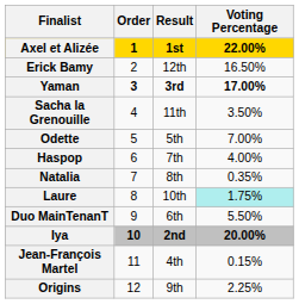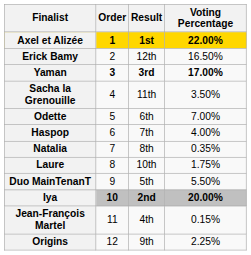 <table class="wikitable sortable plainrowheaders" style="text-align:center; width:30%;">
 <tr>
 <th class="unsortable">Finalist</th>
 <th data-sort-type="number" style="width:1em;">Order</th>
 <th data-sort-type="number">Result</th>
 <th data-sort-type="number">Voting Percentage</th>
 </tr>
 <tr bgcolor=gold>
 <th scope="row"><strong>Axel et Alizée</strong></th>
 <td><strong>1</strong></td>
 <td><strong>1st</strong></td>
 <td><strong>22.00%</strong></td>
 </tr>
 <tr>
 <th scope="row">Erick Bamy</th>
 <td>2</td>
 <td>12th</td>
 <td>16.50%</td>
 </tr>
 <tr -bgcolor=#c96>
 <th scope="row"><strong>Yaman</strong></th>
 <td><strong>3</strong></td>
 <td><strong>3rd</strong></td>
 <td><strong>17.00%</strong></td>
 </tr>
 <tr>
 <th scope="row">Sacha la Grenouille</th>
 <td>4</td>
 <td>11th</td>
 <td>3.50%</td>
 </tr>
 <tr>
 <th scope="row">Odette</th>
 <td>5</td>
-<td>5th</td>
+<td>6th</td>
 <td>7.00%</td>
 </tr>
 <tr>
 <th scope="row">Haspop</th>
 <td>6</td>
 <td>7th</td>
 <td>4.00%</td>
 </tr>
 <tr>
 <th scope="row">Natalia</th>
 <td>7</td>
 <td>8th</td>
 <td>0.35%</td>
 </tr>
 <tr>
 <th scope="row">Laure</th>
 <td>8</td>
 <td>10th</td>
-<td style="background: paleturquoise;">1.75%</td>
+<td>1.75%</td>
 </tr>
 <tr>
 <th scope="row">Duo MainTenanT</th>
 <td>9</td>
-<td>6th</td>
+<td>5th</td>
 <td>5.50%</td>
 </tr>
 <tr bgcolor=silver>
 <th scope="row"><strong>Iya</strong></th>
 <td><strong>10</strong></td>
 <td><strong>2nd</strong></td>
 <td><strong>20.00%</strong></td>
 </tr>
 <tr>
 <th scope="row">Jean-François Martel</th>
 <td>11</td>
 <td>4th</td>
 <td>0.15%</td>
 </tr>
 <tr>
 <th scope="row">Origins</th>
 <td>12</td>
 <td>9th</td>
 <td>2.25%</td>
 </tr>
 </table>
